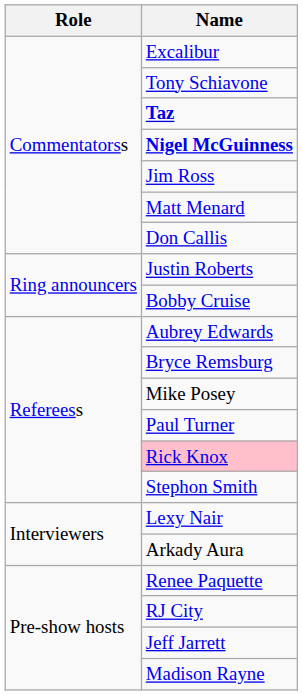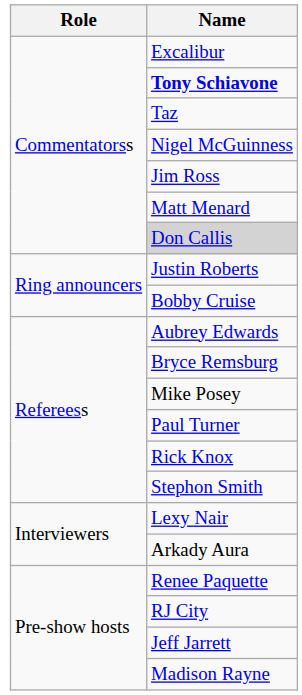 <table class=wikitable style="font-size:90%; margin: 0.5em 0 0.5em 1em; float: right; clear: right;">
 <tr>
 <th>Role</th>
 <th>Name</th>
 </tr>
 <tr>
 <td rowspan="7"><a href='#'>Commentators</a>s</td>
 <td><a href='#'>Excalibur</a> </td>
 </tr>
 <tr>
-<td><a href='#'>Tony Schiavone</a> </td>
+<td><strong><a href='#'>Tony Schiavone</a> </strong></td>
 </tr>
 <tr>
-<td><strong><a href='#'>Taz</a> </strong></td>
+<td><a href='#'>Taz</a> </td>
 </tr>
 <tr>
-<td><strong><a href='#'>Nigel McGuinness</a> </strong></td>
+<td><a href='#'>Nigel McGuinness</a> </td>
 </tr>
 <tr>
 <td><a href='#'>Jim Ross</a> </td>
 </tr>
 <tr>
 <td><a href='#'>Matt Menard</a> </td>
 </tr>
 <tr>
-<td><a href='#'>Don Callis</a> </td>
+<td style="background: lightgrey;"><a href='#'>Don Callis</a> </td>
 </tr>
 <tr>
 <td rowspan=2><a href='#'>Ring announcers</a></td>
 <td><a href='#'>Justin Roberts</a> </td>
 </tr>
 <tr>
 <td><a href='#'>Bobby Cruise</a> </td>
 </tr>
 <tr>
 <td rowspan=6><a href='#'>Referees</a>s</td>
 <td><a href='#'>Aubrey Edwards</a></td>
 </tr>
 <tr>
 <td><a href='#'>Bryce Remsburg</a></td>
 </tr>
 <tr>
 <td>Mike Posey</td>
 </tr>
 <tr>
 <td><a href='#'>Paul Turner</a></td>
 </tr>
 <tr>
-<td style="background: pink;"><a href='#'>Rick Knox</a></td>
+<td><a href='#'>Rick Knox</a></td>
 </tr>
 <tr>
 <td><a href='#'>Stephon Smith</a></td>
 </tr>
 <tr>
 <td rowspan=2>Interviewers</td>
 <td><a href='#'>Lexy Nair</a></td>
 </tr>
 <tr>
 <td>Arkady Aura</td>
 </tr>
 <tr>
 <td rowspan=4>Pre-show hosts</td>
 <td><a href='#'>Renee Paquette</a></td>
 </tr>
 <tr>
 <td><a href='#'>RJ City</a></td>
 </tr>
 <tr>
 <td><a href='#'>Jeff Jarrett</a></td>
 </tr>
 <tr>
 <td><a href='#'>Madison Rayne</a></td>
 </tr>
 </table>
